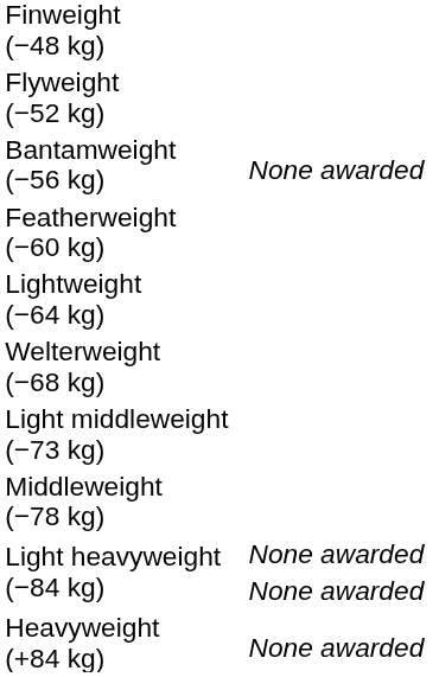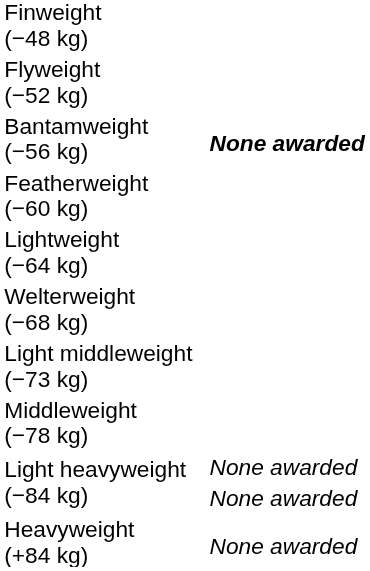 <table>
 <tr>
 <td rowspan=2>Finweight<br>(−48 kg)</td>
 <td rowspan=2></td>
 <td rowspan=2></td>
 <td></td>
 </tr>
 <tr>
 <td></td>
 </tr>
 <tr>
 <td rowspan=2>Flyweight<br>(−52 kg)</td>
 <td rowspan=2></td>
 <td rowspan=2></td>
 <td></td>
 </tr>
 <tr>
 <td></td>
 </tr>
 <tr>
 <td rowspan=2>Bantamweight<br>(−56 kg)</td>
 <td rowspan=2></td>
 <td rowspan=2></td>
 <td></td>
 </tr>
 <tr>
-<td><em>None awarded</em></td>
+<td><strong><em>None awarded</em></strong></td>
 </tr>
 <tr>
 <td rowspan=2>Featherweight<br>(−60 kg)</td>
 <td rowspan=2></td>
 <td rowspan=2></td>
 <td></td>
 </tr>
 <tr>
 <td></td>
 </tr>
 <tr>
 <td rowspan=2>Lightweight<br>(−64 kg)</td>
 <td rowspan=2></td>
 <td rowspan=2></td>
 <td></td>
 </tr>
 <tr>
 <td></td>
 </tr>
 <tr>
 <td rowspan=2>Welterweight<br>(−68 kg)</td>
 <td rowspan=2></td>
 <td rowspan=2></td>
 <td></td>
 </tr>
 <tr>
 <td></td>
 </tr>
 <tr>
 <td rowspan=2>Light middleweight<br>(−73 kg)</td>
 <td rowspan=2></td>
 <td rowspan=2></td>
 <td></td>
 </tr>
 <tr>
 <td></td>
 </tr>
 <tr>
 <td rowspan=2>Middleweight<br>(−78 kg)</td>
 <td rowspan=2></td>
 <td rowspan=2></td>
 <td></td>
 </tr>
 <tr>
 <td></td>
 </tr>
 <tr>
 <td rowspan=2>Light heavyweight<br>(−84 kg)</td>
 <td rowspan=2></td>
 <td rowspan=2></td>
 <td><em>None awarded</em></td>
 </tr>
 <tr>
 <td><em>None awarded</em></td>
 </tr>
 <tr>
 <td rowspan=2>Heavyweight<br>(+84 kg)</td>
 <td rowspan=2></td>
 <td rowspan=2></td>
 <td></td>
 </tr>
 <tr>
 <td><em>None awarded</em></td>
 </tr>
 </table>
